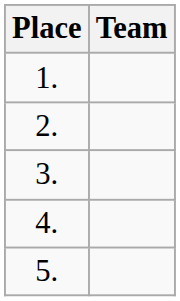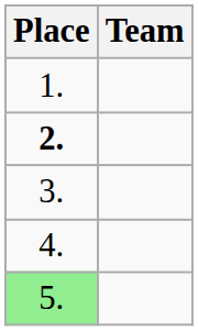 <table class="wikitable" style="text-align: center;">
 <tr>
 <th>Place</th>
 <th>Team</th>
 </tr>
 <tr>
 <td>1.</td>
 <td style="text-align:left;"></td>
 </tr>
 <tr>
-<td>2.</td>
+<td><strong>2.</strong></td>
 <td style="text-align:left;"></td>
 </tr>
 <tr>
 <td>3.</td>
 <td style="text-align:left;"></td>
 </tr>
 <tr>
 <td>4.</td>
 <td style="text-align:left;"></td>
 </tr>
 <tr>
-<td>5.</td>
+<td style="background: lightgreen;">5.</td>
 <td style="text-align:left;"></td>
 </tr>
 </table>
